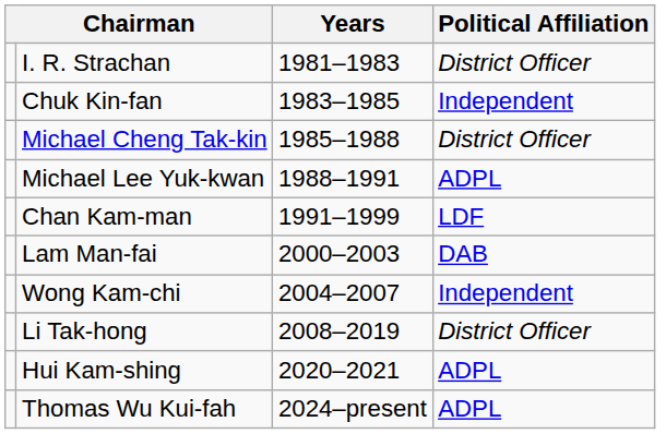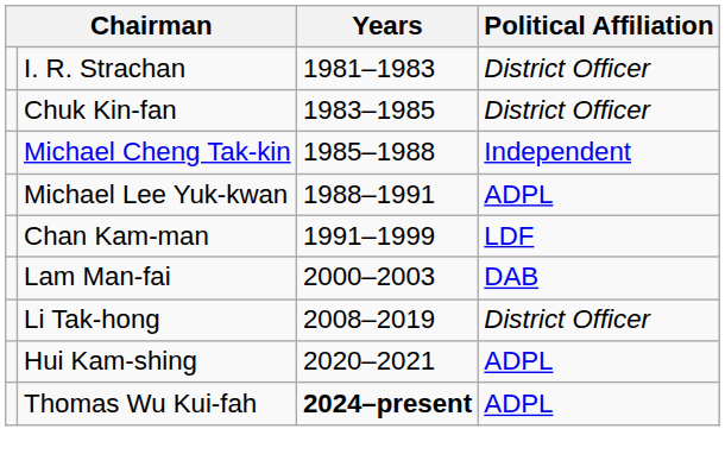 <table class="wikitable">
 <tr>
 <th colspan=2>Chairman</th>
 <th>Years</th>
 <th>Political Affiliation</th>
 </tr>
 <tr>
 <td style="color:inherit;background:"></td>
 <td>I. R. Strachan</td>
 <td>1981–1983</td>
 <td><em>District Officer</em></td>
 </tr>
 <tr>
 <td style="color:inherit;background:"></td>
 <td>Chuk Kin-fan</td>
 <td>1983–1985</td>
-<td><a href='#'>Independent</a></td>
+<td><em>District Officer</em></td>
 </tr>
 <tr>
 <td style="color:inherit;background:"></td>
 <td><a href='#'>Michael Cheng Tak-kin</a></td>
 <td>1985–1988</td>
-<td><em>District Officer</em></td>
+<td><a href='#'>Independent</a></td>
 </tr>
 <tr>
 <td style="color:inherit;background:"></td>
 <td>Michael Lee Yuk-kwan</td>
 <td>1988–1991</td>
 <td><a href='#'>ADPL</a></td>
 </tr>
 <tr>
 <td style="color:inherit;background:"></td>
 <td>Chan Kam-man</td>
 <td>1991–1999</td>
 <td><a href='#'>LDF</a></td>
 </tr>
 <tr>
 <td style="color:inherit;background:"></td>
 <td>Lam Man-fai</td>
 <td>2000–2003</td>
 <td><a href='#'>DAB</a></td>
 </tr>
 <tr>
 <td style="color:inherit;background:"></td>
-<td>Wong Kam-chi</td>
-<td>2004–2007</td>
-<td><a href='#'>Independent</a></td>
-</tr>
-<tr>
-<td style="color:inherit;background:"></td>
 <td>Li Tak-hong</td>
 <td>2008–2019</td>
 <td><em>District Officer</em></td>
 </tr>
 <tr>
 <td style="color:inherit;background:"></td>
 <td>Hui Kam-shing</td>
 <td>2020–2021</td>
 <td><a href='#'>ADPL</a></td>
 </tr>
 <tr>
 <td style="color:inherit;background:"></td>
 <td>Thomas Wu Kui-fah</td>
-<td>2024–present</td>
+<td><strong>2024–present</strong></td>
 <td><a href='#'>ADPL</a></td>
 </tr>
 </table>
